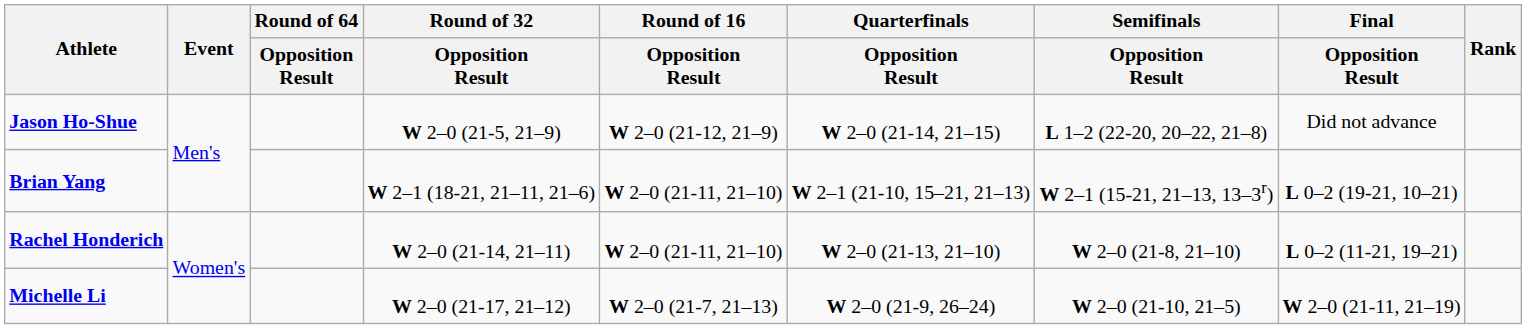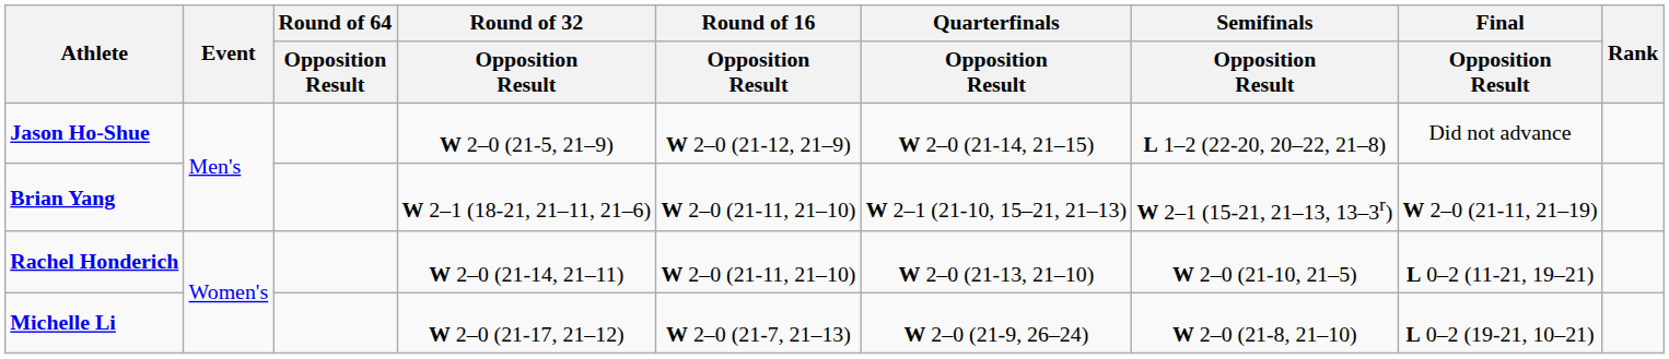 <table class="wikitable" style="font-size:90%">
 <tr>
 <th rowspan="2">Athlete</th>
 <th rowspan="2">Event</th>
 <th>Round of 64</th>
 <th>Round of 32</th>
 <th>Round of 16</th>
 <th>Quarterfinals</th>
 <th>Semifinals</th>
 <th>Final</th>
 <th rowspan="2">Rank</th>
 </tr>
 <tr>
 <th>Opposition<br>Result</th>
 <th>Opposition<br>Result</th>
 <th>Opposition<br>Result</th>
 <th>Opposition<br>Result</th>
 <th>Opposition<br>Result</th>
 <th>Opposition<br>Result</th>
 </tr>
 <tr align=center>
 <td align=left><strong><a href='#'>Jason Ho-Shue</a></strong></td>
 <td align=left rowspan=2><a href='#'>Men's</a></td>
 <td></td>
 <td><br><strong>W</strong> 2–0 (21-5, 21–9)</td>
 <td><br><strong>W</strong> 2–0 (21-12, 21–9)</td>
 <td><br><strong>W</strong> 2–0 (21-14, 21–15)</td>
 <td><br><strong>L</strong> 1–2 (22-20, 20–22, 21–8)</td>
 <td>Did not advance</td>
 <td></td>
 </tr>
 <tr align=center>
 <td align=left><strong><a href='#'>Brian Yang</a></strong></td>
 <td></td>
 <td><br><strong>W</strong> 2–1 (18-21, 21–11, 21–6)</td>
 <td><br><strong>W</strong> 2–0 (21-11, 21–10)</td>
 <td><br><strong>W</strong> 2–1 (21-10, 15–21, 21–13)</td>
 <td><br><strong>W</strong> 2–1 (15-21, 21–13, 13–3<sup>r</sup>)</td>
-<td><br><strong>L</strong> 0–2 (19-21, 10–21)</td>
+<td><br><strong>W</strong> 2–0 (21-11, 21–19)</td>
 <td></td>
 </tr>
 <tr align=center>
 <td align=left><strong><a href='#'>Rachel Honderich</a></strong></td>
 <td align=left rowspan=2><a href='#'>Women's</a></td>
 <td></td>
 <td><br><strong>W</strong> 2–0 (21-14, 21–11)</td>
 <td><br><strong>W</strong> 2–0 (21-11, 21–10)</td>
 <td><br><strong>W</strong> 2–0 (21-13, 21–10)</td>
-<td><br><strong>W</strong> 2–0 (21-8, 21–10)</td>
+<td><br><strong>W</strong> 2–0 (21-10, 21–5)</td>
 <td><br><strong>L</strong> 0–2 (11-21, 19–21)</td>
 <td></td>
 </tr>
 <tr align=center>
 <td align=left><strong><a href='#'>Michelle Li</a></strong></td>
 <td></td>
 <td><br><strong>W</strong> 2–0 (21-17, 21–12)</td>
 <td><br><strong>W</strong> 2–0 (21-7, 21–13)</td>
 <td><br><strong>W</strong> 2–0 (21-9, 26–24)</td>
-<td><br><strong>W</strong> 2–0 (21-10, 21–5)</td>
-<td><br><strong>W</strong> 2–0 (21-11, 21–19)</td>
+<td><br><strong>W</strong> 2–0 (21-8, 21–10)</td>
+<td><br><strong>L</strong> 0–2 (19-21, 10–21)</td>
 <td></td>
 </tr>
 </table>
